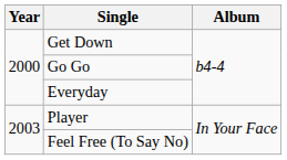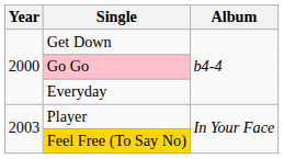 <table class="wikitable">
 <tr>
 <th>Year</th>
 <th>Single</th>
 <th>Album</th>
 </tr>
 <tr>
 <td rowspan=3>2000</td>
 <td>Get Down</td>
 <td rowspan=3><em>b4-4</em></td>
 </tr>
 <tr>
-<td>Go Go</td>
+<td style="background: pink;">Go Go</td>
 </tr>
 <tr>
 <td>Everyday</td>
 </tr>
 <tr>
 <td rowspan=2>2003</td>
 <td>Player</td>
 <td rowspan=2><em>In Your Face</em></td>
 </tr>
 <tr>
-<td>Feel Free (To Say No)</td>
+<td style="background: gold;">Feel Free (To Say No)</td>
 </tr>
 </table>
